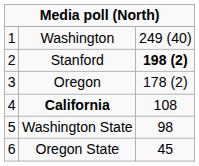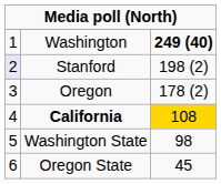 <table class="wikitable">
 <tr align="center">
 <td align="center" Colspan="3"><strong>Media poll (North)</strong></td>
 </tr>
 <tr align="center">
 </tr>
 <tr align="center">
 <td>1</td>
 <td>Washington</td>
-<td>249 (40)</td>
+<td><strong>249 (40)</strong></td>
 </tr>
 <tr align="center">
-<td>2</td>
+<td style="background: lavender;">2</td>
 <td>Stanford</td>
-<td><strong>198 (2)</strong></td>
+<td>198 (2)</td>
 </tr>
 <tr align="center">
 <td>3</td>
 <td>Oregon</td>
 <td>178 (2)</td>
 </tr>
 <tr align="center">
 <td>4</td>
 <td><strong>California</strong></td>
-<td>108</td>
+<td style="background: gold;">108</td>
 </tr>
 <tr align="center">
 <td>5</td>
 <td>Washington State</td>
 <td>98</td>
 </tr>
 <tr align="center">
 <td>6</td>
 <td>Oregon State</td>
 <td>45</td>
 </tr>
 </table>
